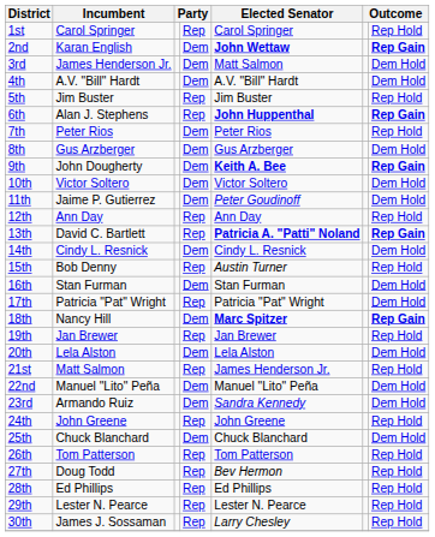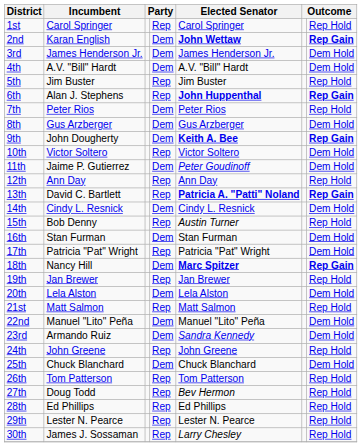 <table class="sortable wikitable" style="font-size:95%;line-height:14px;">
 <tr>
 <th>District</th>
 <th>Incumbent</th>
 <th colspan="2">Party</th>
 <th>Elected Senator</th>
 <th colspan="2">Outcome</th>
 </tr>
 <tr>
 <td><a href='#'>1st</a></td>
 <td><a href='#'>Carol Springer</a></td>
 <td style="background:"></td>
 <td><a href='#'>Rep</a></td>
 <td><a href='#'>Carol Springer</a></td>
 <td style="background:"></td>
 <td><a href='#'>Rep Hold</a></td>
 </tr>
 <tr>
 <td><a href='#'>2nd</a></td>
 <td><a href='#'>Karan English</a></td>
 <td style="background:"></td>
 <td><a href='#'>Dem</a></td>
 <td><strong><a href='#'>John Wettaw</a></strong></td>
 <td style="background:"></td>
 <td><strong><a href='#'>Rep Gain</a></strong></td>
 </tr>
 <tr>
 <td><a href='#'>3rd</a></td>
 <td><a href='#'>James Henderson Jr.</a></td>
 <td style="background:"></td>
 <td><a href='#'>Dem</a></td>
-<td><a href='#'>Matt Salmon</a></td>
+<td><a href='#'>James Henderson Jr.</a></td>
 <td style="background:"></td>
 <td><a href='#'>Dem Hold</a></td>
 </tr>
 <tr>
 <td><a href='#'>4th</a></td>
 <td>A.V. "Bill" Hardt</td>
 <td style="background:"></td>
 <td><a href='#'>Dem</a></td>
 <td>A.V. "Bill" Hardt</td>
 <td style="background:"></td>
 <td><a href='#'>Dem Hold</a></td>
 </tr>
 <tr>
 <td><a href='#'>5th</a></td>
 <td>Jim Buster</td>
 <td style="background:"></td>
 <td><a href='#'>Rep</a></td>
 <td>Jim Buster</td>
 <td style="background:"></td>
 <td><a href='#'>Rep Hold</a></td>
 </tr>
 <tr>
 <td><a href='#'>6th</a></td>
 <td>Alan J. Stephens</td>
 <td style="background:"></td>
 <td><a href='#'>Rep</a></td>
 <td><strong><a href='#'>John Huppenthal</a></strong></td>
 <td style="background:"></td>
 <td><strong><a href='#'>Rep Gain</a></strong></td>
 </tr>
 <tr>
 <td><a href='#'>7th</a></td>
 <td><a href='#'>Peter Rios</a></td>
 <td style="background:"></td>
 <td><a href='#'>Dem</a></td>
 <td><a href='#'>Peter Rios</a></td>
 <td style="background:"></td>
 <td><a href='#'>Rep Hold</a></td>
 </tr>
 <tr>
 <td><a href='#'>8th</a></td>
 <td><a href='#'>Gus Arzberger</a></td>
 <td style="background:"></td>
 <td><a href='#'>Dem</a></td>
 <td><a href='#'>Gus Arzberger</a></td>
 <td style="background:"></td>
 <td><a href='#'>Dem Hold</a></td>
 </tr>
 <tr>
 <td><a href='#'>9th</a></td>
 <td>John Dougherty</td>
 <td style="background:"></td>
 <td><a href='#'>Dem</a></td>
 <td><strong><a href='#'>Keith A. Bee</a></strong></td>
 <td style="background:"></td>
 <td><strong><a href='#'>Rep Gain</a></strong></td>
 </tr>
 <tr>
 <td><a href='#'>10th</a></td>
 <td><a href='#'>Victor Soltero</a></td>
 <td style="background:"></td>
-<td><a href='#'>Dem</a></td>
+<td><a href='#'>Rep</a></td>
 <td><a href='#'>Victor Soltero</a></td>
 <td style="background:"></td>
 <td><a href='#'>Dem Hold</a></td>
 </tr>
 <tr>
 <td><a href='#'>11th</a></td>
 <td>Jaime P. Gutierrez</td>
 <td style="background:"></td>
 <td><a href='#'>Dem</a></td>
 <td><em><a href='#'>Peter Goudinoff</a></em></td>
 <td style="background:"></td>
 <td><a href='#'>Dem Hold</a></td>
 </tr>
 <tr>
 <td><a href='#'>12th</a></td>
 <td><a href='#'>Ann Day</a></td>
 <td style="background:"></td>
 <td><a href='#'>Rep</a></td>
 <td><a href='#'>Ann Day</a></td>
 <td style="background:"></td>
 <td><a href='#'>Rep Hold</a></td>
 </tr>
 <tr>
 <td><a href='#'>13th</a></td>
 <td>David C. Bartlett</td>
 <td style="background:"></td>
 <td><a href='#'>Rep</a></td>
 <td><strong><a href='#'>Patricia A. "Patti" Noland</a></strong></td>
 <td style="background:"></td>
 <td><strong><a href='#'>Rep Gain</a></strong></td>
 </tr>
 <tr>
 <td><a href='#'>14th</a></td>
 <td><a href='#'>Cindy L. Resnick</a></td>
 <td style="background:"></td>
 <td><a href='#'>Dem</a></td>
 <td><a href='#'>Cindy L. Resnick</a></td>
 <td style="background:"></td>
 <td><a href='#'>Dem Hold</a></td>
 </tr>
 <tr>
 <td><a href='#'>15th</a></td>
 <td>Bob Denny</td>
 <td style="background:"></td>
 <td><a href='#'>Rep</a></td>
 <td><em>Austin Turner</em></td>
 <td style="background:"></td>
 <td><a href='#'>Rep Hold</a></td>
 </tr>
 <tr>
 <td><a href='#'>16th</a></td>
 <td>Stan Furman</td>
 <td style="background:"></td>
 <td><a href='#'>Dem</a></td>
 <td>Stan Furman</td>
 <td style="background:"></td>
 <td><a href='#'>Dem Hold</a></td>
 </tr>
 <tr>
 <td><a href='#'>17th</a></td>
 <td>Patricia "Pat" Wright</td>
 <td style="background:"></td>
 <td><a href='#'>Rep</a></td>
 <td>Patricia "Pat" Wright</td>
 <td style="background:"></td>
 <td><a href='#'>Dem Hold</a></td>
 </tr>
 <tr>
 <td><a href='#'>18th</a></td>
 <td>Nancy Hill</td>
 <td style="background:"></td>
 <td><a href='#'>Dem</a></td>
 <td><strong><a href='#'>Marc Spitzer</a></strong></td>
 <td style="background:"></td>
 <td><strong><a href='#'>Rep Gain</a></strong></td>
 </tr>
 <tr>
 <td><a href='#'>19th</a></td>
 <td><a href='#'>Jan Brewer</a></td>
 <td style="background:"></td>
 <td><a href='#'>Rep</a></td>
 <td><a href='#'>Jan Brewer</a></td>
 <td style="background:"></td>
 <td><a href='#'>Rep Hold</a></td>
 </tr>
 <tr>
 <td><a href='#'>20th</a></td>
 <td><a href='#'>Lela Alston</a></td>
 <td style="background:"></td>
 <td><a href='#'>Dem</a></td>
 <td><a href='#'>Lela Alston</a></td>
 <td style="background:"></td>
 <td><a href='#'>Dem Hold</a></td>
 </tr>
 <tr>
 <td><a href='#'>21st</a></td>
 <td><a href='#'>Matt Salmon</a></td>
 <td style="background:"></td>
 <td><a href='#'>Rep</a></td>
-<td><a href='#'>James Henderson Jr.</a></td>
+<td><a href='#'>Matt Salmon</a></td>
 <td style="background:"></td>
 <td><a href='#'>Rep Hold</a></td>
 </tr>
 <tr>
 <td><a href='#'>22nd</a></td>
 <td>Manuel "Lito" Peña</td>
 <td style="background:"></td>
 <td><a href='#'>Dem</a></td>
 <td>Manuel "Lito" Peña</td>
 <td style="background:"></td>
 <td><a href='#'>Dem Hold</a></td>
 </tr>
 <tr>
 <td><a href='#'>23rd</a></td>
 <td>Armando Ruiz</td>
 <td style="background:"></td>
 <td><a href='#'>Dem</a></td>
 <td><em><a href='#'>Sandra Kennedy</a></em></td>
 <td style="background:"></td>
 <td><a href='#'>Dem Hold</a></td>
 </tr>
 <tr>
 <td><a href='#'>24th</a></td>
 <td><a href='#'>John Greene</a></td>
 <td style="background:"></td>
 <td><a href='#'>Rep</a></td>
 <td><a href='#'>John Greene</a></td>
 <td style="background:"></td>
 <td><a href='#'>Rep Hold</a></td>
 </tr>
 <tr>
 <td><a href='#'>25th</a></td>
 <td>Chuck Blanchard</td>
 <td style="background:"></td>
 <td><a href='#'>Dem</a></td>
 <td>Chuck Blanchard</td>
 <td style="background:"></td>
 <td><a href='#'>Dem Hold</a></td>
 </tr>
 <tr>
 <td><a href='#'>26th</a></td>
 <td><a href='#'>Tom Patterson</a></td>
 <td style="background:"></td>
 <td><a href='#'>Rep</a></td>
 <td><a href='#'>Tom Patterson</a></td>
 <td style="background:"></td>
 <td><a href='#'>Rep Hold</a></td>
 </tr>
 <tr>
 <td><a href='#'>27th</a></td>
 <td>Doug Todd</td>
 <td style="background:"></td>
 <td><a href='#'>Rep</a></td>
 <td><em>Bev Hermon</em></td>
 <td style="background:"></td>
 <td><a href='#'>Rep Hold</a></td>
 </tr>
 <tr>
 <td><a href='#'>28th</a></td>
 <td>Ed Phillips</td>
 <td style="background:"></td>
 <td><a href='#'>Rep</a></td>
 <td>Ed Phillips</td>
 <td style="background:"></td>
 <td><a href='#'>Rep Hold</a></td>
 </tr>
 <tr>
 <td><a href='#'>29th</a></td>
 <td>Lester N. Pearce</td>
 <td style="background:"></td>
 <td><a href='#'>Rep</a></td>
 <td>Lester N. Pearce</td>
 <td style="background:"></td>
 <td><a href='#'>Rep Hold</a></td>
 </tr>
 <tr>
 <td><a href='#'>30th</a></td>
 <td>James J. Sossaman</td>
 <td style="background:"></td>
 <td><a href='#'>Rep</a></td>
 <td><em>Larry Chesley</em></td>
 <td style="background:"></td>
 <td><a href='#'>Rep Hold</a></td>
 </tr>
 <tr>
 </tr>
 </table>
